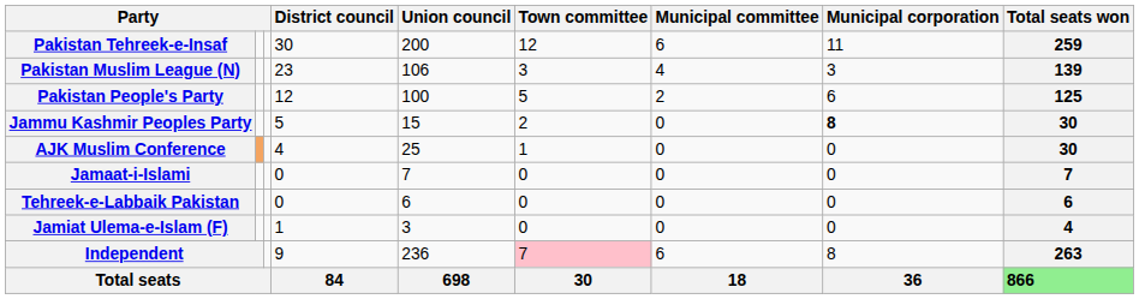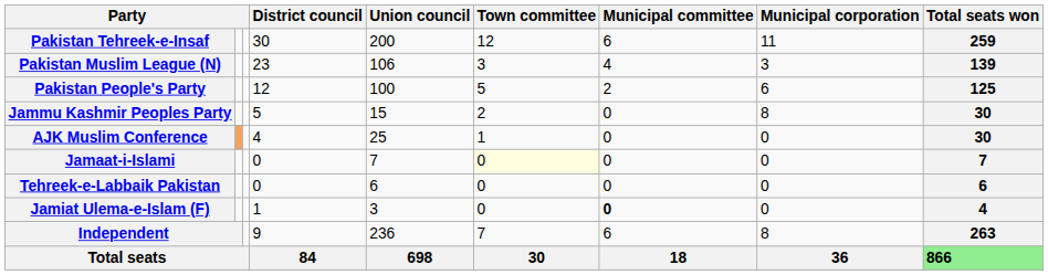 <table class="wikitable">
 <tr>
 <th colspan="3">Party</th>
 <th>District council</th>
 <th>Union council</th>
 <th>Town committee</th>
 <th>Municipal committee</th>
 <th>Municipal corporation</th>
 <th>Total seats won</th>
 </tr>
 <tr>
 <th><a href='#'>Pakistan Tehreek-e-Insaf</a></th>
 <td style="background-color: "></td>
 <td></td>
 <td>30</td>
 <td>200</td>
 <td>12</td>
 <td>6</td>
 <td>11</td>
 <th>259</th>
 </tr>
 <tr>
 <th><a href='#'>Pakistan Muslim League (N)</a></th>
 <td style="background-color: "></td>
 <td></td>
 <td>23</td>
 <td>106</td>
 <td>3</td>
 <td>4</td>
 <td>3</td>
 <th>139</th>
 </tr>
 <tr>
 <th><a href='#'>Pakistan People's Party</a></th>
 <td style="background-color: "></td>
 <td></td>
 <td>12</td>
 <td>100</td>
 <td>5</td>
 <td>2</td>
 <td>6</td>
 <th>125</th>
 </tr>
 <tr>
 <th><a href='#'>Jammu Kashmir Peoples Party</a></th>
 <td style="background-color: "></td>
 <td></td>
 <td>5</td>
 <td>15</td>
 <td>2</td>
 <td>0</td>
-<td><strong>8</strong></td>
+<td>8</td>
 <th>30</th>
 </tr>
 <tr>
 <th><a href='#'>AJK Muslim Conference</a></th>
 <td bgcolor="#f4a460"></td>
 <td></td>
 <td>4</td>
 <td>25</td>
 <td>1</td>
 <td>0</td>
 <td>0</td>
 <th>30</th>
 </tr>
 <tr>
 <th><a href='#'>Jamaat-i-Islami</a></th>
 <td style="background-color: "></td>
 <td></td>
 <td>0</td>
 <td>7</td>
-<td>0</td>
+<td style="background: lightyellow;">0</td>
 <td>0</td>
 <td>0</td>
 <th>7</th>
 </tr>
 <tr>
 <th><a href='#'>Tehreek-e-Labbaik Pakistan</a></th>
 <td style="background-color: "></td>
 <td></td>
 <td>0</td>
 <td>6</td>
 <td>0</td>
 <td>0</td>
 <td>0</td>
 <th>6</th>
 </tr>
 <tr>
 <th><a href='#'>Jamiat Ulema-e-Islam (F)</a></th>
 <td style="background-color: "></td>
 <td></td>
 <td>1</td>
 <td>3</td>
 <td>0</td>
-<td>0</td>
+<td><strong>0</strong></td>
 <td>0</td>
 <th>4</th>
 </tr>
 <tr>
 <th colspan="2"><a href='#'>Independent</a></th>
 <td style="background-color: "></td>
 <td>9</td>
 <td>236</td>
-<td style="background: pink;">7</td>
+<td>7</td>
 <td>6</td>
 <td>8</td>
 <th>263</th>
 </tr>
 <tr>
 <th colspan="3">Total seats</th>
 <th>84</th>
 <th>698</th>
 <th>30</th>
 <th>18</th>
 <th>36</th>
 <td bgcolor="#90EE90"><strong>866</strong></td>
 </tr>
 </table>
